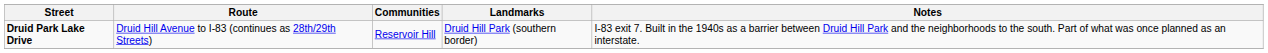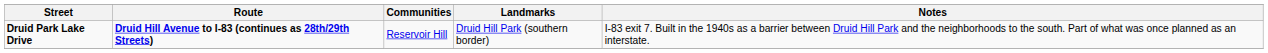 <table class="wikitable">
 <tr style="background-color:#DDDDDD;text-align:center;">
 </tr>
 <tr>
 <th>Street</th>
 <th>Route</th>
 <th>Communities</th>
 <th>Landmarks</th>
 <th>Notes</th>
 </tr>
 <tr>
 <td><strong>Druid Park Lake Drive</strong></td>
-<td><a href='#'>Druid Hill Avenue</a> to I-83 (continues as <a href='#'>28th/29th Streets</a>)</td>
+<td><strong><a href='#'>Druid Hill Avenue</a> to I-83 (continues as <a href='#'>28th/29th Streets</a>)</strong></td>
 <td><a href='#'>Reservoir Hill</a></td>
 <td><a href='#'>Druid Hill Park</a> (southern border)</td>
 <td>I-83 exit 7. Built in the 1940s as a barrier between <a href='#'>Druid Hill Park</a> and the neighborhoods to the south. Part of what was once planned as an interstate.</td>
 </tr>
 <tr>
 </tr>
 </table>
